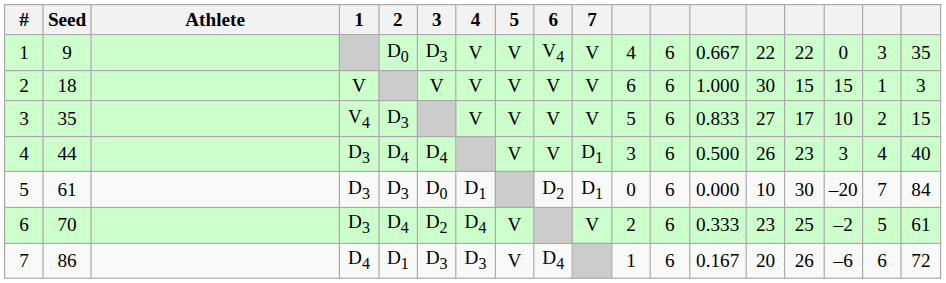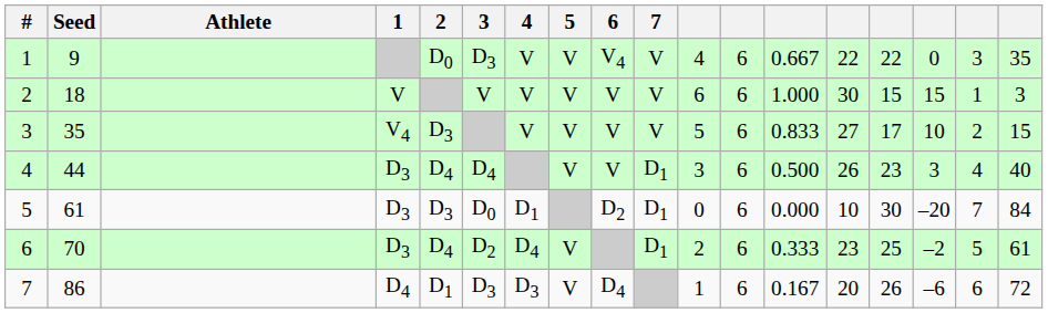 <table class="wikitable" style="text-align:center">
 <tr>
 <th width="25">#</th>
 <th width="25">Seed</th>
 <th width="200">Athlete</th>
 <th width="25">1</th>
 <th width="25">2</th>
 <th width="25">3</th>
 <th width="25">4</th>
 <th width="25">5</th>
 <th width="25">6</th>
 <th width="25">7</th>
 <th width="25"></th>
 <th width="25"></th>
 <th width="40"></th>
 <th width="25"></th>
 <th width="25"></th>
 <th width="25"></th>
 <th width="25"></th>
 <th width="25"></th>
 </tr>
 <tr bgcolor="#ccffcc">
 <td>1</td>
 <td>9</td>
 <td align=left></td>
 <td bgcolor="#cccccc"></td>
 <td>D<sub>0</sub></td>
 <td>D<sub>3</sub></td>
 <td>V</td>
 <td>V</td>
 <td>V<sub>4</sub></td>
 <td>V</td>
 <td>4</td>
 <td>6</td>
 <td>0.667</td>
 <td>22</td>
 <td>22</td>
 <td>0</td>
 <td>3</td>
 <td>35</td>
 </tr>
 <tr bgcolor="#ccffcc">
 <td>2</td>
 <td>18</td>
 <td align=left></td>
 <td>V</td>
 <td bgcolor="#cccccc"></td>
 <td>V</td>
 <td>V</td>
 <td>V</td>
 <td>V</td>
 <td>V</td>
 <td>6</td>
 <td>6</td>
 <td>1.000</td>
 <td>30</td>
 <td>15</td>
 <td>15</td>
 <td>1</td>
 <td>3</td>
 </tr>
 <tr bgcolor="#ccffcc">
 <td>3</td>
 <td>35</td>
 <td align=left></td>
 <td>V<sub>4</sub></td>
 <td>D<sub>3</sub></td>
 <td bgcolor="#cccccc"></td>
 <td>V</td>
 <td>V</td>
 <td>V</td>
 <td>V</td>
 <td>5</td>
 <td>6</td>
 <td>0.833</td>
 <td>27</td>
 <td>17</td>
 <td>10</td>
 <td>2</td>
 <td>15</td>
 </tr>
 <tr bgcolor="#ccffcc">
 <td>4</td>
 <td>44</td>
 <td align=left></td>
 <td>D<sub>3</sub></td>
 <td>D<sub>4</sub></td>
 <td>D<sub>4</sub></td>
 <td bgcolor="#cccccc"></td>
 <td>V</td>
 <td>V</td>
 <td>D<sub>1</sub></td>
 <td>3</td>
 <td>6</td>
 <td>0.500</td>
 <td>26</td>
 <td>23</td>
 <td>3</td>
 <td>4</td>
 <td>40</td>
 </tr>
 <tr>
 <td>5</td>
 <td>61</td>
 <td align=left></td>
 <td>D<sub>3</sub></td>
 <td>D<sub>3</sub></td>
 <td>D<sub>0</sub></td>
 <td>D<sub>1</sub></td>
 <td bgcolor="#cccccc"></td>
 <td>D<sub>2</sub></td>
 <td>D<sub>1</sub></td>
 <td>0</td>
 <td>6</td>
 <td>0.000</td>
 <td>10</td>
 <td>30</td>
 <td>–20</td>
 <td>7</td>
 <td>84</td>
 </tr>
 <tr bgcolor="#ccffcc">
 <td>6</td>
 <td>70</td>
 <td align=left></td>
 <td>D<sub>3</sub></td>
 <td>D<sub>4</sub></td>
 <td>D<sub>2</sub></td>
 <td>D<sub>4</sub></td>
 <td>V</td>
 <td bgcolor="#cccccc"></td>
-<td>V</td>
+<td>D<sub>1</sub></td>
 <td>2</td>
 <td>6</td>
 <td>0.333</td>
 <td>23</td>
 <td>25</td>
 <td>–2</td>
 <td>5</td>
 <td>61</td>
 </tr>
 <tr>
 <td>7</td>
 <td>86</td>
 <td align=left></td>
 <td>D<sub>4</sub></td>
 <td>D<sub>1</sub></td>
 <td>D<sub>3</sub></td>
 <td>D<sub>3</sub></td>
 <td>V</td>
 <td>D<sub>4</sub></td>
 <td bgcolor="#cccccc"></td>
 <td>1</td>
 <td>6</td>
 <td>0.167</td>
 <td>20</td>
 <td>26</td>
 <td>–6</td>
 <td>6</td>
 <td>72</td>
 </tr>
 </table>
